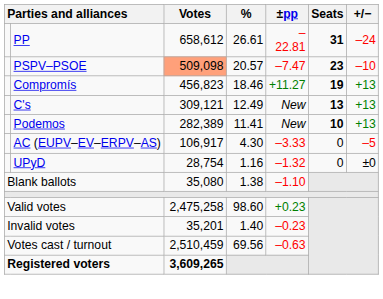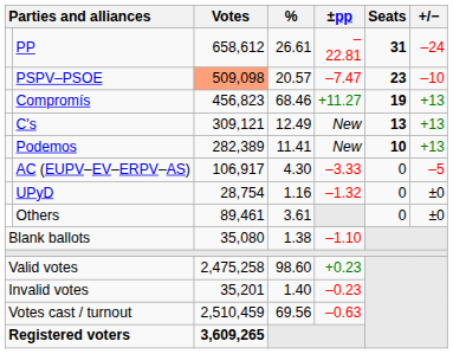 <table class="wikitable" style="text-align:right;">
 <tr>
 <th style="text-align:left;" colspan="2" width="200">Parties and alliances</th>
 <th width="75">Votes</th>
 <th width="45">%</th>
 <th width="45">±<a href='#'>pp</a></th>
 <th width="35">Seats</th>
 <th width="35">+/−</th>
 </tr>
 <tr>
 <td width="1" style="color:inherit;background:"></td>
 <td align="left"><a href='#'>PP</a></td>
 <td>658,612</td>
 <td>26.61</td>
 <td style="color:red;">–22.81</td>
 <td><strong>31</strong></td>
 <td style="color:red;">–24</td>
 </tr>
 <tr>
 <td style="color:inherit;background:"></td>
 <td align="left"><a href='#'>PSPV–PSOE</a></td>
 <td style="background: lightsalmon;">509,098</td>
 <td>20.57</td>
 <td style="color:red;">–7.47</td>
 <td><strong>23</strong></td>
 <td style="color:red;">–10</td>
 </tr>
 <tr>
 <td style="color:inherit;background:"></td>
 <td align="left"><a href='#'>Compromís</a></td>
 <td>456,823</td>
-<td>18.46</td>
+<td>68.46</td>
 <td style="color:green;">+11.27</td>
 <td><strong>19</strong></td>
 <td style="color:green;">+13</td>
 </tr>
 <tr>
 <td style="color:inherit;background:"></td>
 <td align="left"><a href='#'>C's</a></td>
 <td>309,121</td>
 <td>12.49</td>
 <td><em>New</em></td>
 <td><strong>13</strong></td>
 <td style="color:green;">+13</td>
 </tr>
 <tr>
 <td style="color:inherit;background:"></td>
 <td align="left"><a href='#'>Podemos</a></td>
 <td>282,389</td>
 <td>11.41</td>
 <td><em>New</em></td>
 <td><strong>10</strong></td>
 <td style="color:green;">+13</td>
 </tr>
 <tr>
 <td style="color:inherit;background:"></td>
 <td align="left"><a href='#'>AC</a> (<a href='#'>EUPV</a>–<a href='#'>EV</a>–<a href='#'>ERPV</a>–<a href='#'>AS</a>)</td>
 <td>106,917</td>
 <td>4.30</td>
 <td style="color:red;">–3.33</td>
 <td>0</td>
 <td style="color:red;">–5</td>
 </tr>
 <tr>
 <td style="color:inherit;background:"></td>
 <td align="left"><a href='#'>UPyD</a></td>
 <td>28,754</td>
 <td>1.16</td>
 <td style="color:red;">–1.32</td>
 <td>0</td>
 <td>±0</td>
 </tr>
 <tr>
+<td bgcolor="white"></td>
+<td align="left">Others</td>
+<td>89,461</td>
+<td>3.61</td>
+<td bgcolor="#E9E9E9"></td>
+<td>0</td>
+<td>±0</td>
+</tr>
+<tr>
 <td align="left" colspan="2">Blank ballots</td>
 <td>35,080</td>
 <td>1.38</td>
 <td style="color:red;">–1.10</td>
 <td bgcolor="#E9E9E9" colspan="2"></td>
 </tr>
 <tr>
 <td colspan="7" bgcolor="#E9E9E9"></td>
 </tr>
 <tr>
 <td align="left" colspan="2">Valid votes</td>
 <td>2,475,258</td>
 <td>98.60</td>
 <td style="color:green;">+0.23</td>
 <td bgcolor="#E9E9E9" colspan="2" rowspan="4"></td>
 </tr>
 <tr>
 <td align="left" colspan="2">Invalid votes</td>
 <td>35,201</td>
 <td>1.40</td>
 <td style="color:red;">–0.23</td>
 </tr>
 <tr>
 <td align="left" colspan="2">Votes cast / turnout</td>
 <td>2,510,459</td>
 <td>69.56</td>
 <td style="color:red;">–0.63</td>
 </tr>
 <tr style="font-weight:bold;">
 <td align="left" colspan="2">Registered voters</td>
 <td>3,609,265</td>
 <td bgcolor="#E9E9E9" colspan="2"></td>
 </tr>
 </table>
